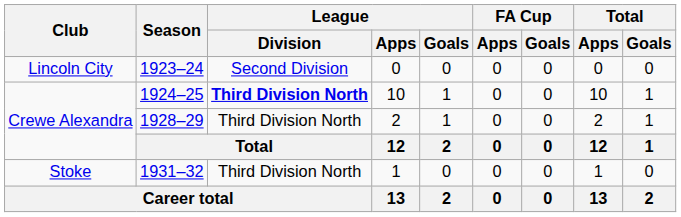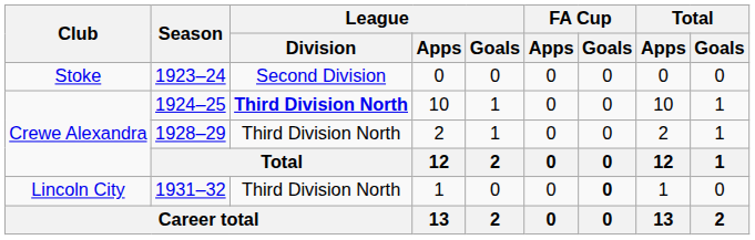 <table class="wikitable" style="text-align: center;">
 <tr>
 <th rowspan="2">Club</th>
 <th rowspan="2">Season</th>
 <th colspan="3">League</th>
 <th colspan="2">FA Cup</th>
 <th colspan="2">Total</th>
 </tr>
 <tr>
 <th>Division</th>
 <th>Apps</th>
 <th>Goals</th>
 <th>Apps</th>
 <th>Goals</th>
 <th>Apps</th>
 <th>Goals</th>
 </tr>
 <tr>
-<td><a href='#'>Lincoln City</a></td>
+<td><a href='#'>Stoke</a></td>
 <td><a href='#'>1923–24</a></td>
 <td><a href='#'>Second Division</a></td>
 <td>0</td>
 <td>0</td>
 <td>0</td>
 <td>0</td>
 <td>0</td>
 <td>0</td>
 </tr>
 <tr>
 <td rowspan=3><a href='#'>Crewe Alexandra</a></td>
 <td><a href='#'>1924–25</a></td>
 <td><strong><a href='#'>Third Division North</a></strong></td>
 <td>10</td>
 <td>1</td>
 <td>0</td>
 <td>0</td>
 <td>10</td>
 <td>1</td>
 </tr>
 <tr>
 <td><a href='#'>1928–29</a></td>
 <td>Third Division North</td>
 <td>2</td>
 <td>1</td>
 <td>0</td>
 <td>0</td>
 <td>2</td>
 <td>1</td>
 </tr>
 <tr>
 <th colspan=2>Total</th>
 <th>12</th>
 <th>2</th>
 <th>0</th>
 <th>0</th>
 <th>12</th>
 <th>1</th>
 </tr>
 <tr>
-<td><a href='#'>Stoke</a></td>
+<td><a href='#'>Lincoln City</a></td>
 <td><a href='#'>1931–32</a></td>
 <td>Third Division North</td>
 <td>1</td>
 <td>0</td>
 <td>0</td>
-<td>0</td>
+<td><strong>0</strong></td>
 <td>1</td>
 <td>0</td>
 </tr>
 <tr>
 <th colspan="3">Career total</th>
 <th>13</th>
 <th>2</th>
 <th>0</th>
 <th>0</th>
 <th>13</th>
 <th>2</th>
 </tr>
 </table>
